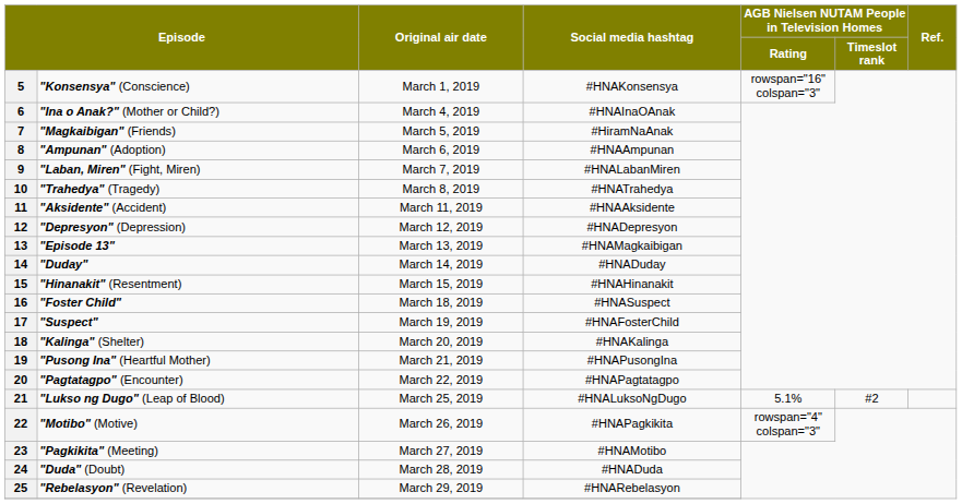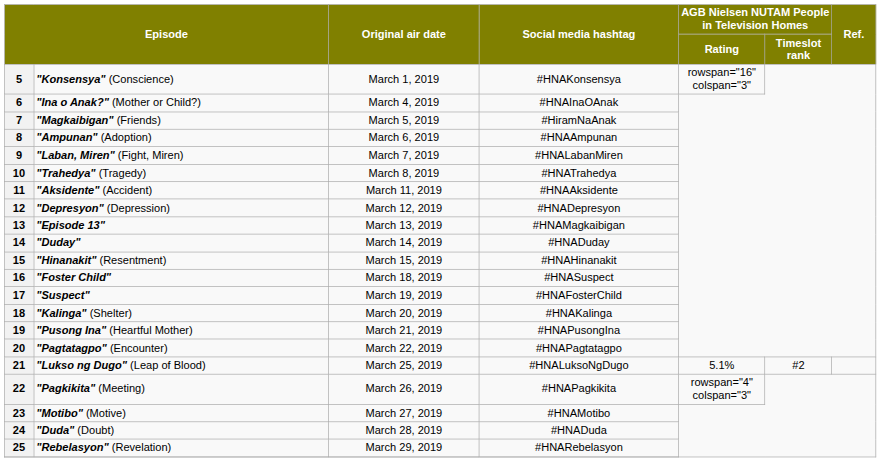 <table class="wikitable" style="text-align:center; font-size:100%; line-height:18px;" width="100%">
 <tr>
 <th style="background-color:#808000; color:#ffffff;" colspan="2" rowspan="2">Episode</th>
 <th style="background-color:#808000; color:white" rowspan="2">Original air date</th>
 <th style="background-color:#808000; color:white" rowspan="2">Social media hashtag</th>
 <th style="background-color:#808000; color:#ffffff;" colspan="2">AGB Nielsen NUTAM People in Television Homes</th>
 <th style="background-color:#808000;  color:#ffffff;" rowspan="2">Ref.</th>
 </tr>
 <tr>
 <th style="background-color:#808000; width:75px; color:#ffffff;">Rating</th>
 <th style="background-color:#808000;  width:75px; color:#ffffff;">Timeslot<br>rank</th>
 </tr>
 <tr>
 <th>5</th>
 <td style="text-align: left;"><strong><em>"Konsensya"</em></strong> (Conscience)</td>
 <td>March 1, 2019</td>
 <td>#HNAKonsensya</td>
 <td>rowspan="16" colspan="3"</td>
 </tr>
 <tr>
 <th>6</th>
 <td style="text-align: left;"><strong><em>"Ina o Anak?"</em></strong> (Mother or Child?)</td>
 <td>March 4, 2019</td>
 <td>#HNAInaOAnak</td>
 </tr>
 <tr>
 <th>7</th>
 <td style="text-align: left;"><strong><em>"Magkaibigan"</em></strong> (Friends)</td>
 <td>March 5, 2019</td>
 <td>#HiramNaAnak</td>
 </tr>
 <tr>
 <th>8</th>
 <td style="text-align: left;"><strong><em>"Ampunan"</em></strong> (Adoption)</td>
 <td>March 6, 2019</td>
 <td>#HNAAmpunan</td>
 </tr>
 <tr>
 <th>9</th>
 <td style="text-align: left;"><strong><em>"Laban, Miren"</em></strong> (Fight, Miren)</td>
 <td>March 7, 2019</td>
 <td>#HNALabanMiren</td>
 </tr>
 <tr>
 <th>10</th>
 <td style="text-align: left;"><strong><em>"Trahedya"</em></strong> (Tragedy)</td>
 <td>March 8, 2019</td>
 <td>#HNATrahedya</td>
 </tr>
 <tr>
 <th>11</th>
 <td style="text-align: left;"><strong><em>"Aksidente"</em></strong> (Accident)</td>
 <td>March 11, 2019</td>
 <td>#HNAAksidente</td>
 </tr>
 <tr>
 <th>12</th>
 <td style="text-align: left;"><strong><em>"Depresyon"</em></strong> (Depression)</td>
 <td>March 12, 2019</td>
 <td>#HNADepresyon</td>
 </tr>
 <tr>
 <th>13</th>
 <td style="text-align: left;"><strong><em>"Episode 13"</em></strong></td>
 <td>March 13, 2019</td>
 <td>#HNAMagkaibigan</td>
 </tr>
 <tr>
 <th>14</th>
 <td style="text-align: left;"><strong><em>"Duday"</em></strong></td>
 <td>March 14, 2019</td>
 <td>#HNADuday</td>
 </tr>
 <tr>
 <th>15</th>
 <td style="text-align: left;"><strong><em>"Hinanakit"</em></strong> (Resentment)</td>
 <td>March 15, 2019</td>
 <td>#HNAHinanakit</td>
 </tr>
 <tr>
 <th>16</th>
 <td style="text-align: left;"><strong><em>"Foster Child"</em></strong></td>
 <td>March 18, 2019</td>
 <td>#HNASuspect</td>
 </tr>
 <tr>
 <th>17</th>
 <td style="text-align: left;"><strong><em>"Suspect"</em></strong></td>
 <td>March 19, 2019</td>
 <td>#HNAFosterChild</td>
 </tr>
 <tr>
 <th>18</th>
 <td style="text-align: left;"><strong><em>"Kalinga"</em></strong> (Shelter)</td>
 <td>March 20, 2019</td>
 <td>#HNAKalinga</td>
 </tr>
 <tr>
 <th>19</th>
 <td style="text-align: left;"><strong><em>"Pusong Ina"</em></strong> (Heartful Mother)</td>
 <td>March 21, 2019</td>
 <td>#HNAPusongIna</td>
 </tr>
 <tr>
 <th>20</th>
 <td style="text-align: left;"><strong><em>"Pagtatagpo"</em></strong> (Encounter)</td>
 <td>March 22, 2019</td>
 <td>#HNAPagtatagpo</td>
 </tr>
 <tr>
 <th>21</th>
 <td style="text-align: left;"><strong><em>"Lukso ng Dugo"</em></strong> (Leap of Blood)</td>
 <td>March 25, 2019</td>
 <td>#HNALuksoNgDugo</td>
 <td>5.1%</td>
 <td>#2</td>
 <td></td>
 </tr>
 <tr>
 <th>22</th>
-<td style="text-align: left;"><strong><em>"Motibo"</em></strong> (Motive)</td>
+<td style="text-align: left;"><strong><em>"Pagkikita"</em></strong> (Meeting)</td>
 <td>March 26, 2019</td>
 <td>#HNAPagkikita</td>
 <td>rowspan="4" colspan="3" </td>
 </tr>
 <tr>
 <th>23</th>
-<td style="text-align: left;"><strong><em>"Pagkikita"</em></strong> (Meeting)</td>
+<td style="text-align: left;"><strong><em>"Motibo"</em></strong> (Motive)</td>
 <td>March 27, 2019</td>
 <td>#HNAMotibo</td>
 </tr>
 <tr>
 <th>24</th>
 <td style="text-align: left;"><strong><em>"Duda"</em></strong> (Doubt)</td>
 <td>March 28, 2019</td>
 <td>#HNADuda</td>
 </tr>
 <tr>
 <th>25</th>
 <td style="text-align: left;"><strong><em>"Rebelasyon"</em></strong> (Revelation)</td>
 <td>March 29, 2019</td>
 <td>#HNARebelasyon</td>
 </tr>
 <tr>
 </tr>
 </table>
